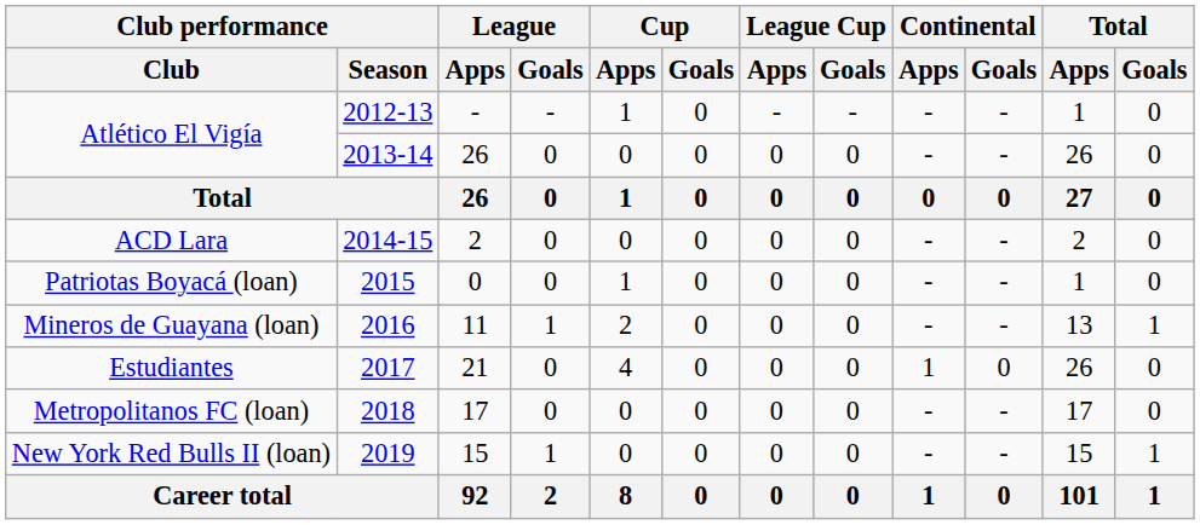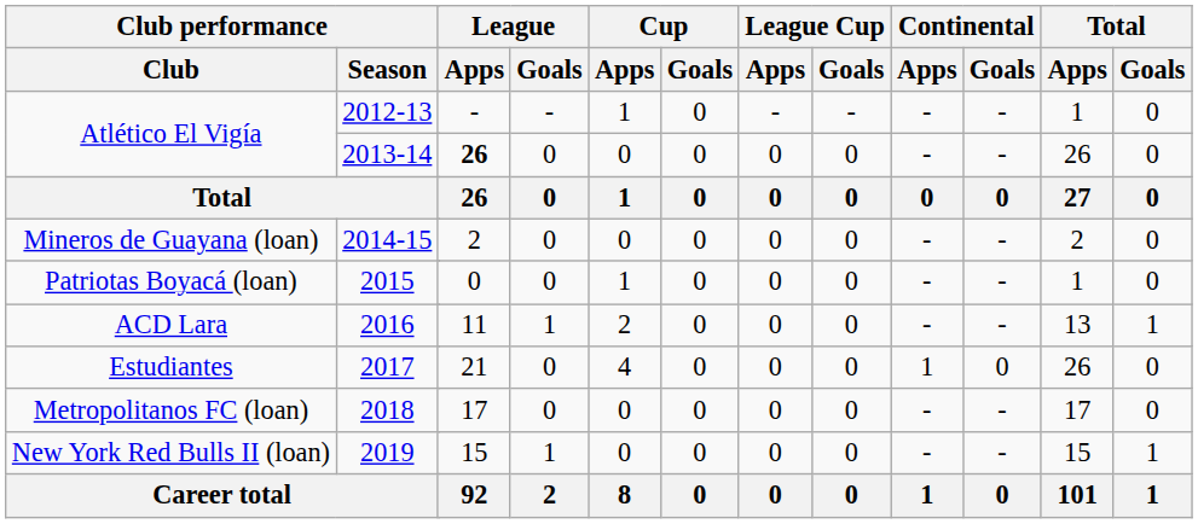 <table class="wikitable" style="text-align:center">
 <tr>
 <th colspan=3>Club performance</th>
 <th colspan=2>League</th>
 <th colspan=2>Cup</th>
 <th colspan=2>League Cup</th>
 <th colspan=2>Continental</th>
 <th colspan=2>Total</th>
 </tr>
 <tr>
 <th>Club</th>
 <th colspan="2">Season</th>
 <th>Apps</th>
 <th>Goals</th>
 <th>Apps</th>
 <th>Goals</th>
 <th>Apps</th>
 <th>Goals</th>
 <th>Apps</th>
 <th>Goals</th>
 <th>Apps</th>
 <th>Goals</th>
 </tr>
 <tr>
 <td rowspan="2"><a href='#'>Atlético El Vigía</a></td>
 <td colspan="2"><a href='#'>2012-13</a></td>
 <td>-</td>
 <td>-</td>
 <td>1</td>
 <td>0</td>
 <td>-</td>
 <td>-</td>
 <td>-</td>
 <td>-</td>
 <td>1</td>
 <td>0</td>
 </tr>
 <tr>
 <td colspan="2"><a href='#'>2013-14</a></td>
-<td>26</td>
+<td><strong>26</strong></td>
 <td>0</td>
 <td>0</td>
 <td>0</td>
 <td>0</td>
 <td>0</td>
 <td>-</td>
 <td>-</td>
 <td>26</td>
 <td>0</td>
 </tr>
 <tr>
 <th colspan="3">Total</th>
 <th>26</th>
 <th>0</th>
 <th>1</th>
 <th>0</th>
 <th>0</th>
 <th>0</th>
 <th>0</th>
 <th>0</th>
 <th>27</th>
 <th>0</th>
 </tr>
 <tr>
-<td rowspan="1"><a href='#'>ACD Lara</a></td>
+<td rowspan="1"><a href='#'>Mineros de Guayana</a> (loan)</td>
 <td colspan="2"><a href='#'>2014-15</a></td>
 <td>2</td>
 <td>0</td>
 <td>0</td>
 <td>0</td>
 <td>0</td>
 <td>0</td>
 <td>-</td>
 <td>-</td>
 <td>2</td>
 <td>0</td>
 </tr>
 <tr>
 <td rowspan="1"><a href='#'>Patriotas Boyacá </a>(loan)</td>
 <td colspan="2"><a href='#'>2015</a></td>
 <td>0</td>
 <td>0</td>
 <td>1</td>
 <td>0</td>
 <td>0</td>
 <td>0</td>
 <td>-</td>
 <td>-</td>
 <td>1</td>
 <td>0</td>
 </tr>
 <tr>
-<td rowspan="1"><a href='#'>Mineros de Guayana</a> (loan)</td>
+<td rowspan="1"><a href='#'>ACD Lara</a></td>
 <td colspan="2"><a href='#'>2016</a></td>
 <td>11</td>
 <td>1</td>
 <td>2</td>
 <td>0</td>
 <td>0</td>
 <td>0</td>
 <td>-</td>
 <td>-</td>
 <td>13</td>
 <td>1</td>
 </tr>
 <tr>
 <td rowspan="1"><a href='#'>Estudiantes</a></td>
 <td colspan="2"><a href='#'>2017</a></td>
 <td>21</td>
 <td>0</td>
 <td>4</td>
 <td>0</td>
 <td>0</td>
 <td>0</td>
 <td>1</td>
 <td>0</td>
 <td>26</td>
 <td>0</td>
 </tr>
 <tr>
 <td rowspan="1"><a href='#'>Metropolitanos FC</a> (loan)</td>
 <td colspan="2"><a href='#'>2018</a></td>
 <td>17</td>
 <td>0</td>
 <td>0</td>
 <td>0</td>
 <td>0</td>
 <td>0</td>
 <td>-</td>
 <td>-</td>
 <td>17</td>
 <td>0</td>
 </tr>
 <tr>
 <td rowspan="1"><a href='#'>New York Red Bulls II</a> (loan)</td>
 <td colspan="2"><a href='#'>2019</a></td>
 <td>15</td>
 <td>1</td>
 <td>0</td>
 <td>0</td>
 <td>0</td>
 <td>0</td>
 <td>-</td>
 <td>-</td>
 <td>15</td>
 <td>1</td>
 </tr>
 <tr>
 <th colspan=3>Career total</th>
 <th>92</th>
 <th>2</th>
 <th>8</th>
 <th>0</th>
 <th>0</th>
 <th>0</th>
 <th>1</th>
 <th>0</th>
 <th>101</th>
 <th>1</th>
 </tr>
 </table>
